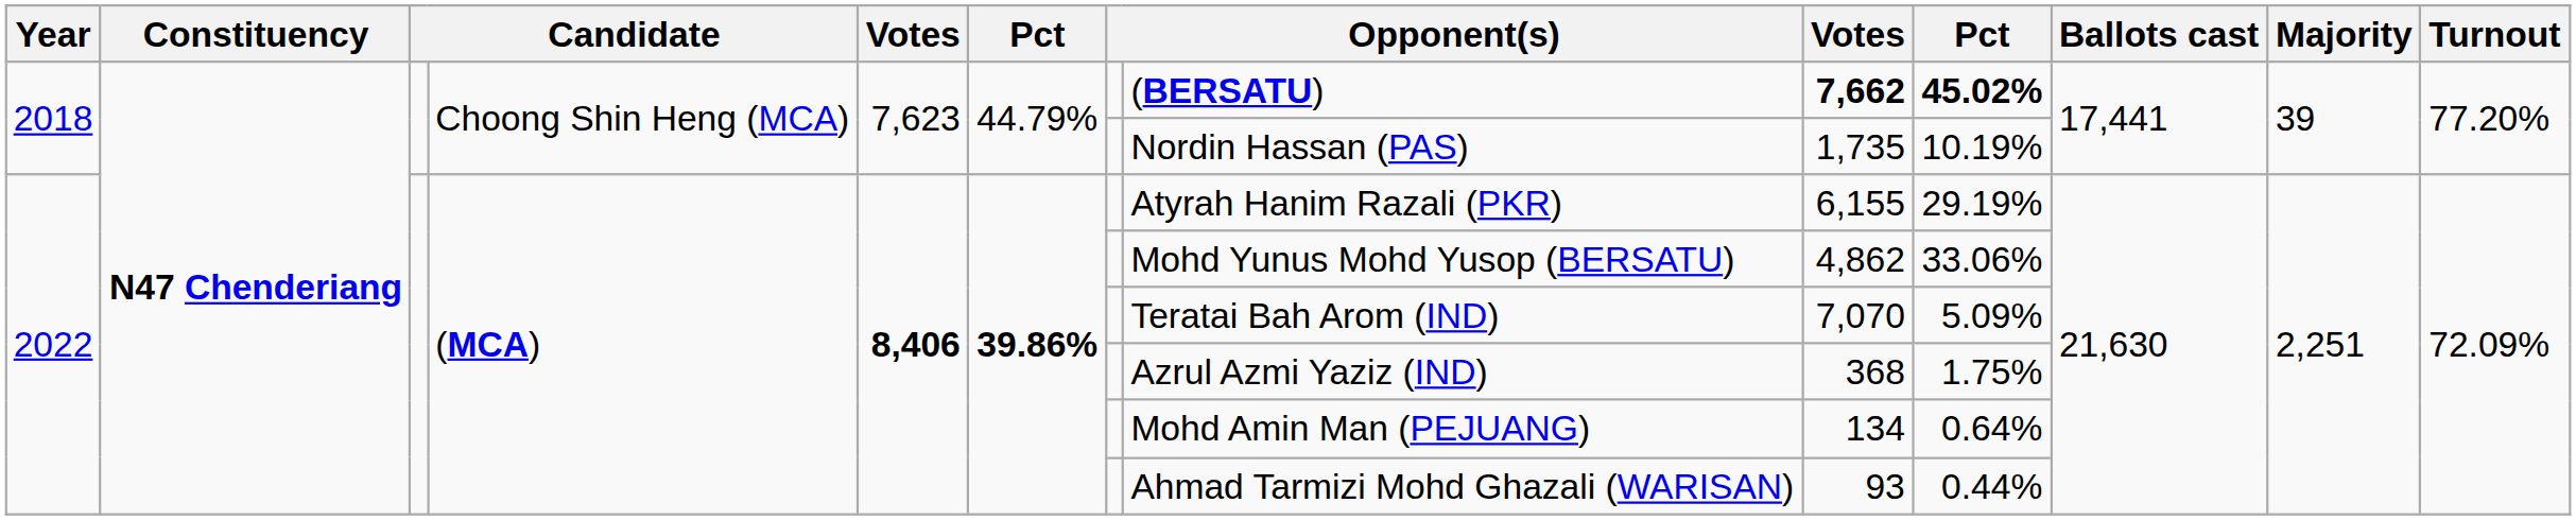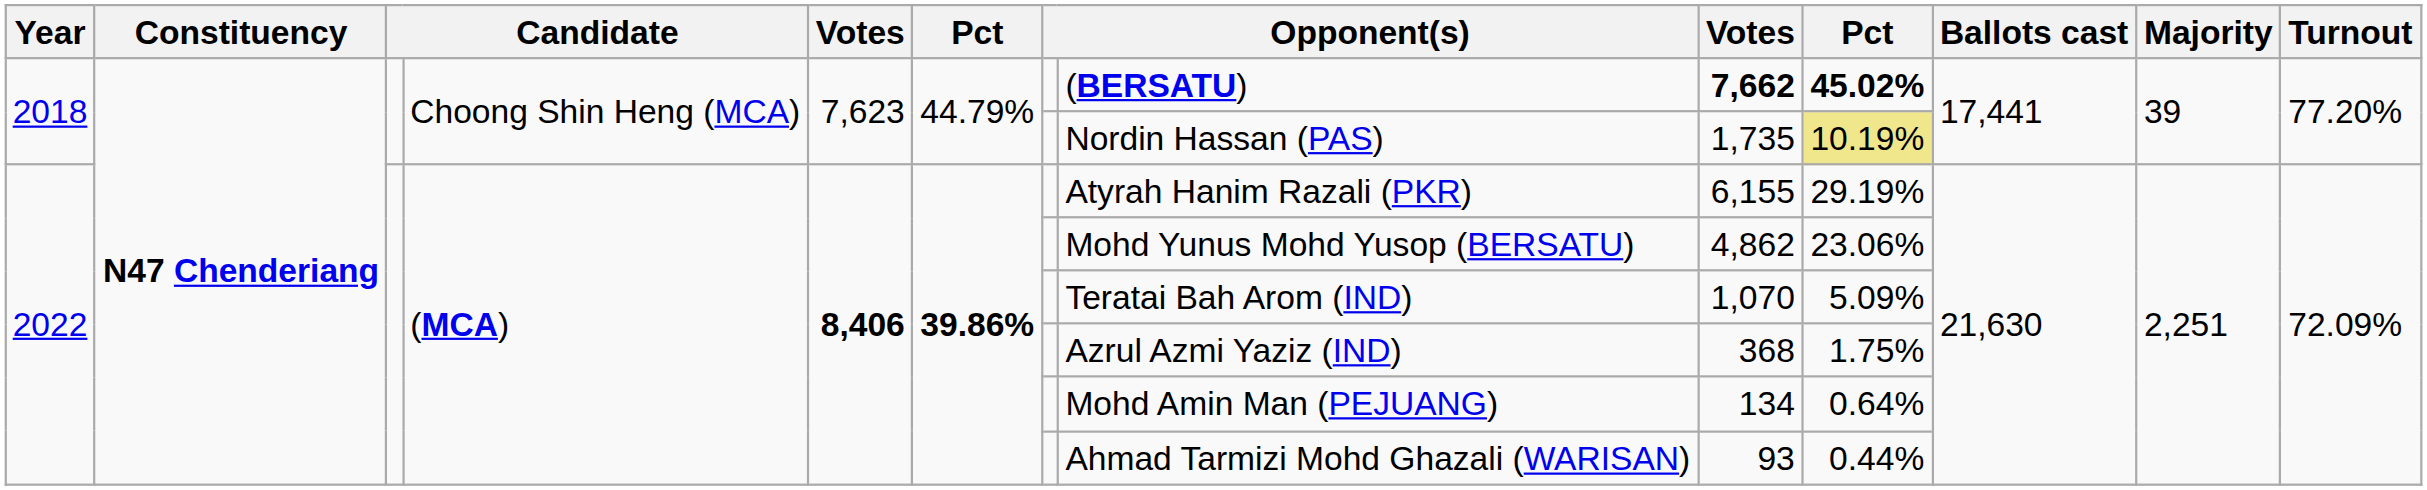 <table class="wikitable" style="margin:0.5em ; font-size:95%">
 <tr>
 <th>Year</th>
 <th>Constituency</th>
 <th colspan=2>Candidate</th>
 <th>Votes</th>
 <th>Pct</th>
 <th colspan=2>Opponent(s)</th>
 <th>Votes</th>
 <th>Pct</th>
 <th>Ballots cast</th>
 <th>Majority</th>
 <th>Turnout</th>
 </tr>
 <tr>
 <td rowspan=2><a href='#'>2018</a></td>
 <td rowspan=8><strong>N47 <a href='#'>Chenderiang</a></strong></td>
 <td rowspan=2 ></td>
 <td rowspan=2>Choong Shin Heng (<a href='#'>MCA</a>)</td>
 <td rowspan=2 align="right">7,623</td>
 <td rowspan=2>44.79%</td>
 <td></td>
 <td> (<a href='#'><strong>BERSATU</strong></a>)</td>
 <td align="right"><strong>7,662</strong></td>
 <td><strong>45.02%</strong></td>
 <td rowspan=2>17,441</td>
 <td rowspan=2>39</td>
 <td rowspan=2>77.20%</td>
 </tr>
 <tr>
 <td></td>
 <td>Nordin Hassan (<a href='#'>PAS</a>)</td>
 <td align="right">1,735</td>
-<td align="right">10.19%</td>
+<td align="right" style="background: khaki;">10.19%</td>
 </tr>
 <tr>
 <td rowspan=6><a href='#'>2022</a></td>
 <td rowspan=6 ></td>
 <td rowspan=6> (<a href='#'><strong>MCA</strong></a>)</td>
 <td rowspan=6 align="right"><strong>8,406</strong></td>
 <td rowspan=6><strong>39.86%</strong></td>
 <td></td>
 <td>Atyrah Hanim Razali (<a href='#'>PKR</a>)</td>
 <td align="right">6,155</td>
 <td>29.19%</td>
 <td rowspan=6>21,630</td>
 <td rowspan=6>2,251</td>
 <td rowspan=6>72.09%</td>
 </tr>
 <tr>
 <td bgcolor=></td>
 <td>Mohd Yunus Mohd Yusop (<a href='#'>BERSATU</a>)</td>
 <td align="right">4,862</td>
-<td>33.06%</td>
+<td>23.06%</td>
 </tr>
 <tr>
 <td></td>
 <td>Teratai Bah Arom (<a href='#'>IND</a>)</td>
-<td align="right">7,070</td>
+<td align="right">1,070</td>
 <td align="right">5.09%</td>
 </tr>
 <tr>
 <td></td>
 <td>Azrul Azmi Yaziz (<a href='#'>IND</a>)</td>
 <td align="right">368</td>
 <td align="right">1.75%</td>
 </tr>
 <tr>
 <td bgcolor=></td>
 <td>Mohd Amin Man (<a href='#'>PEJUANG</a>)</td>
 <td align="right">134</td>
 <td align="right">0.64%</td>
 </tr>
 <tr>
 <td></td>
 <td>Ahmad Tarmizi Mohd Ghazali (<a href='#'>WARISAN</a>)</td>
 <td align="right">93</td>
 <td align="right">0.44%</td>
 </tr>
 </table>
